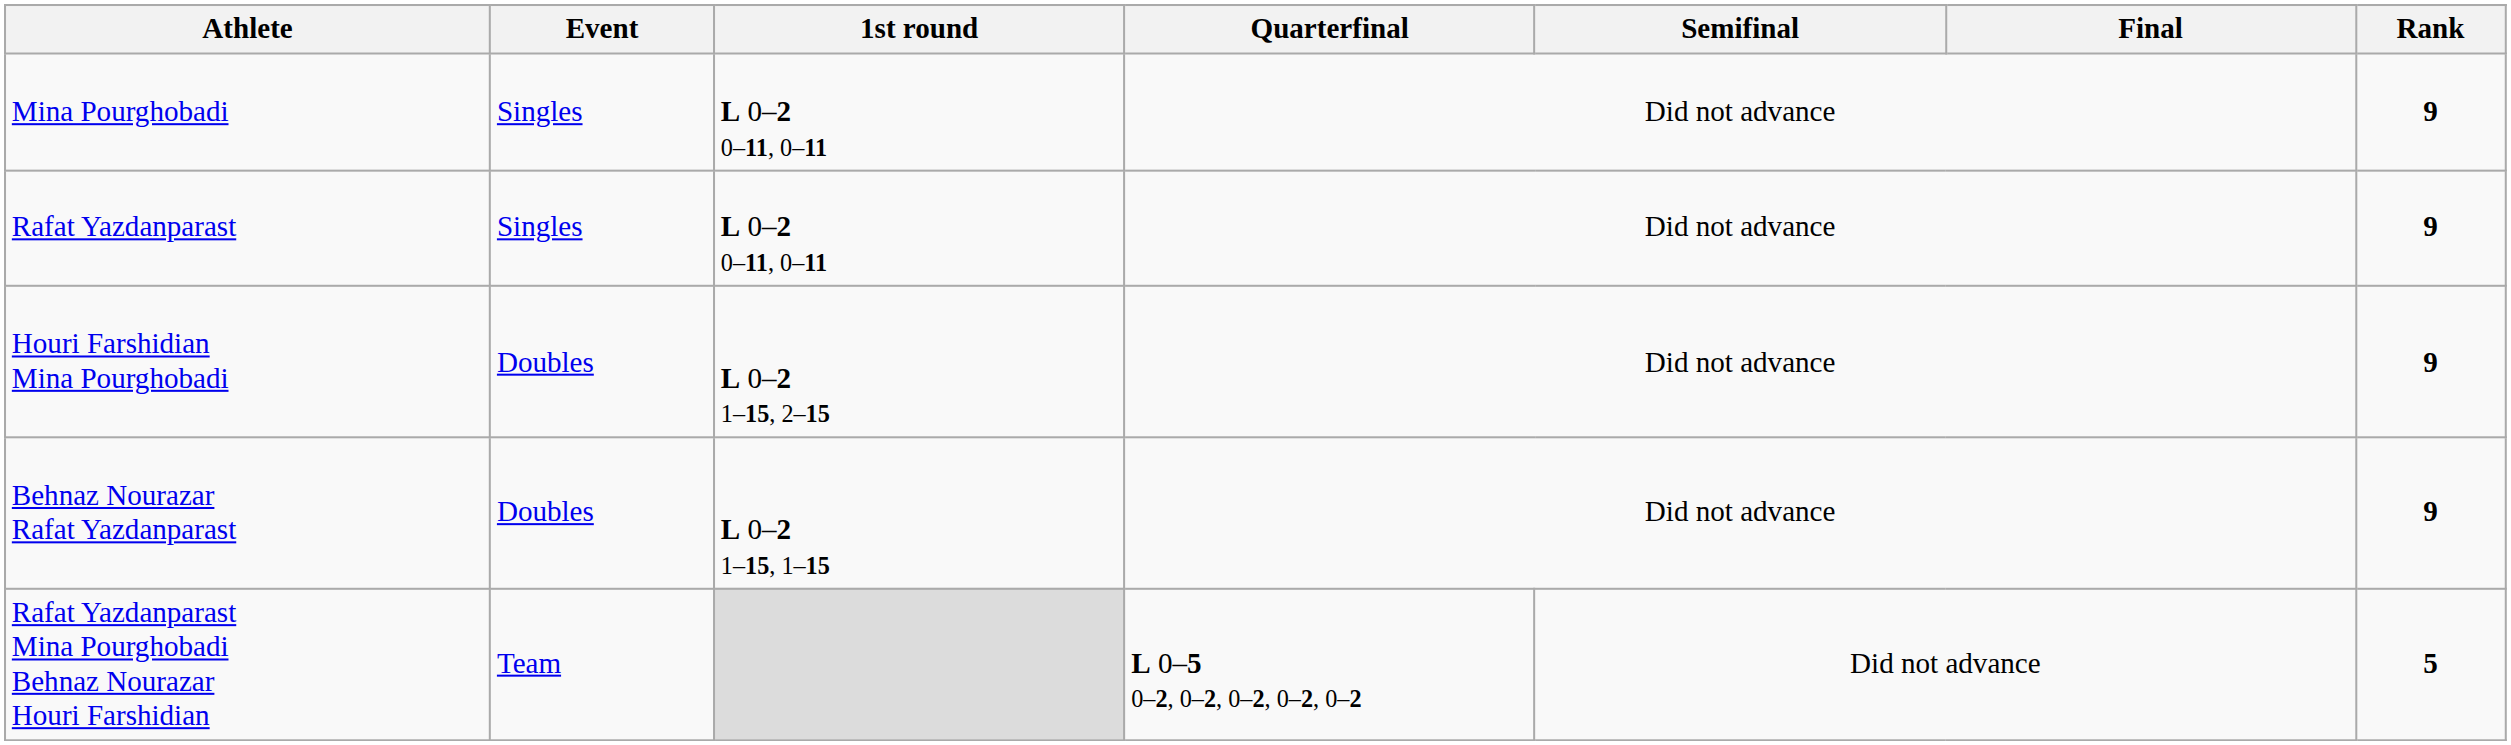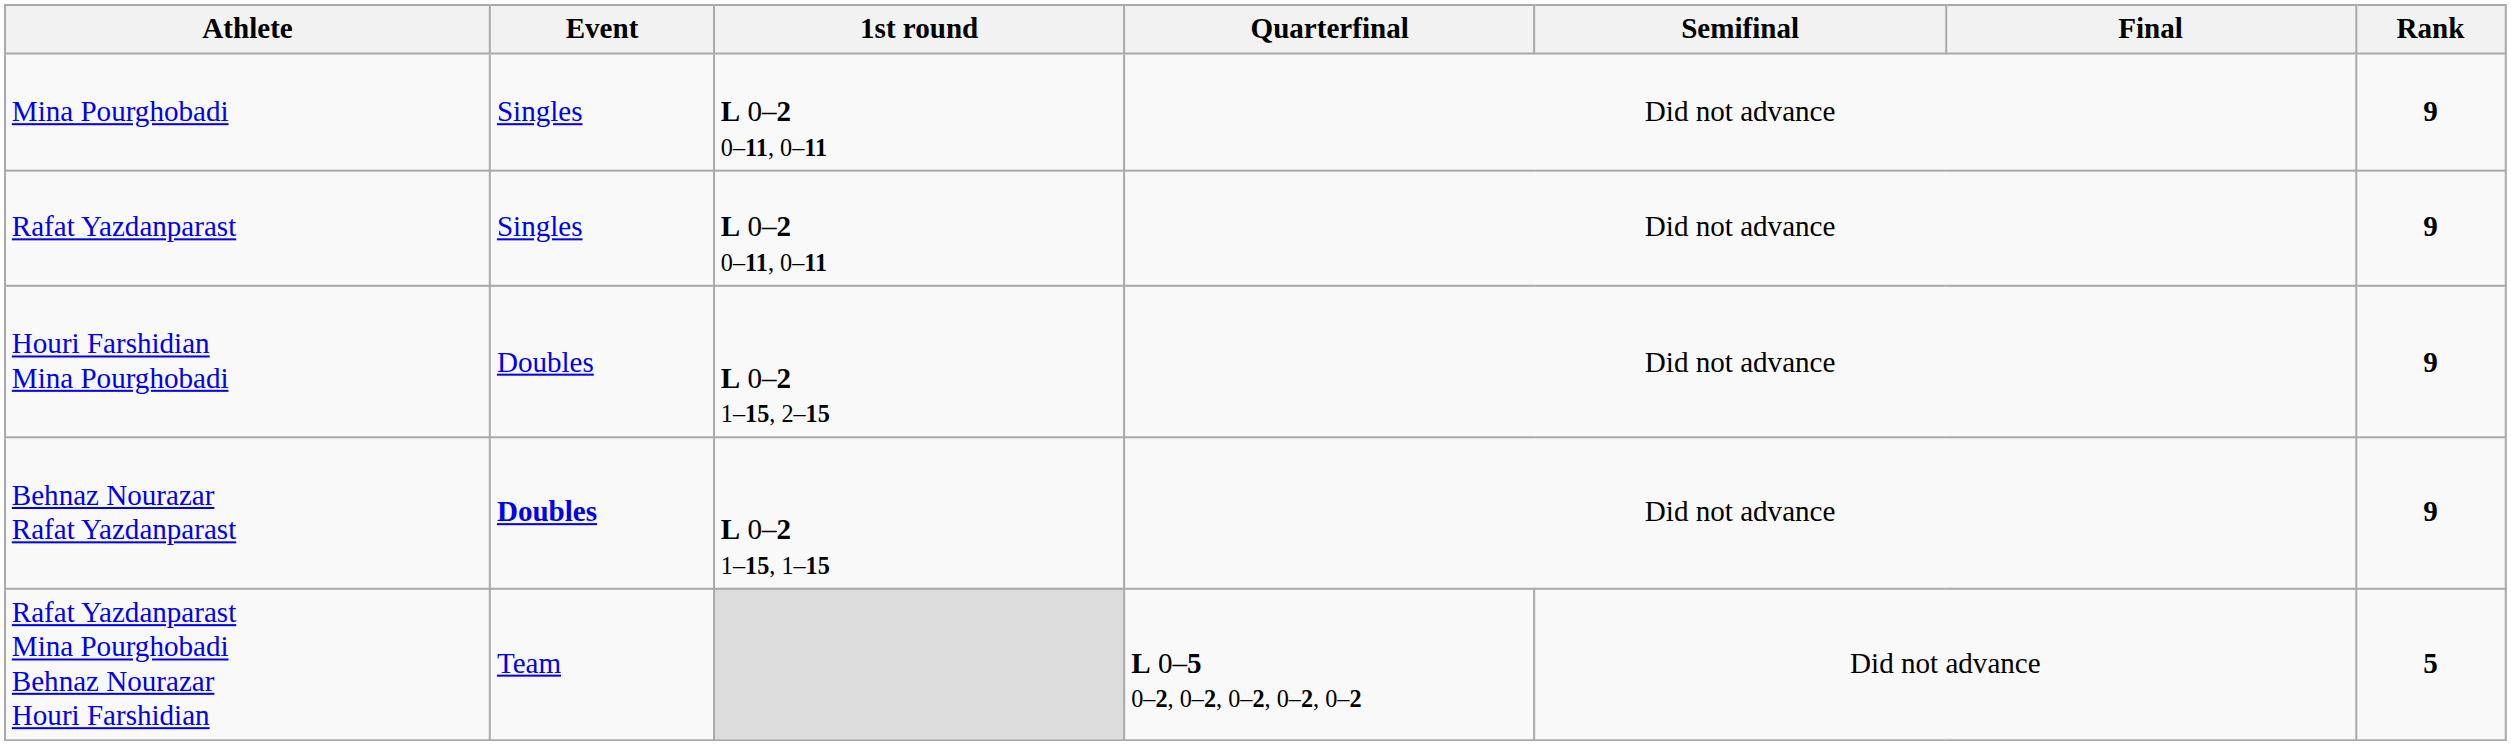 <table class="wikitable" width="98%" style="text-align:left; font-size:90%">
 <tr>
 <th width="13%">Athlete</th>
 <th width="6%">Event</th>
 <th width="11%">1st round</th>
 <th width="11%">Quarterfinal</th>
 <th width="11%">Semifinal</th>
 <th width="11%">Final</th>
 <th width="4%">Rank</th>
 </tr>
 <tr>
 <td><a href='#'>Mina Pourghobadi</a></td>
 <td><a href='#'>Singles</a></td>
 <td><br><strong>L</strong> 0–<strong>2</strong><br><small>0–<strong>11</strong>, 0–<strong>11</strong></small></td>
 <td colspan=3 align=center>Did not advance</td>
 <td align="center"><strong>9</strong></td>
 </tr>
 <tr>
 <td><a href='#'>Rafat Yazdanparast</a></td>
 <td><a href='#'>Singles</a></td>
 <td><br><strong>L</strong> 0–<strong>2</strong><br><small>0–<strong>11</strong>, 0–<strong>11</strong></small></td>
 <td colspan=3 align=center>Did not advance</td>
 <td align="center"><strong>9</strong></td>
 </tr>
 <tr>
 <td><a href='#'>Houri Farshidian</a><br><a href='#'>Mina Pourghobadi</a></td>
 <td><a href='#'>Doubles</a></td>
 <td><br><br><strong>L</strong> 0–<strong>2</strong><br><small>1–<strong>15</strong>, 2–<strong>15</strong></small></td>
 <td colspan=3 align=center>Did not advance</td>
 <td align="center"><strong>9</strong></td>
 </tr>
 <tr>
 <td><a href='#'>Behnaz Nourazar</a><br><a href='#'>Rafat Yazdanparast</a></td>
-<td><a href='#'>Doubles</a></td>
+<td><strong><a href='#'>Doubles</a></strong></td>
 <td><br><br><strong>L</strong> 0–<strong>2</strong><br><small>1–<strong>15</strong>, 1–<strong>15</strong></small></td>
 <td colspan=3 align=center>Did not advance</td>
 <td align="center"><strong>9</strong></td>
 </tr>
 <tr>
 <td><a href='#'>Rafat Yazdanparast</a><br><a href='#'>Mina Pourghobadi</a><br><a href='#'>Behnaz Nourazar</a><br><a href='#'>Houri Farshidian</a></td>
 <td><a href='#'>Team</a></td>
 <td bgcolor=#DCDCDC></td>
 <td><br><strong>L</strong> 0–<strong>5</strong><br><small>0–<strong>2</strong>, 0–<strong>2</strong>, 0–<strong>2</strong>, 0–<strong>2</strong>, 0–<strong>2</strong></small></td>
 <td colspan=2 align=center>Did not advance</td>
 <td align="center"><strong>5</strong></td>
 </tr>
 </table>
